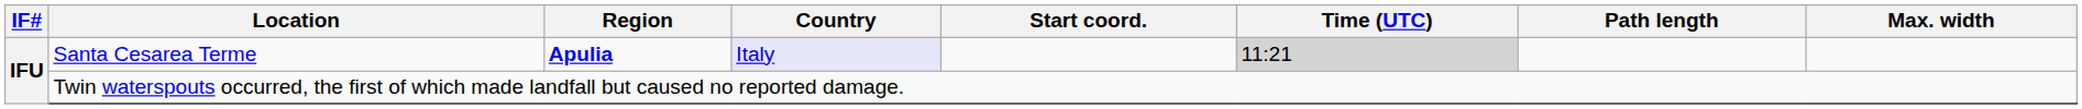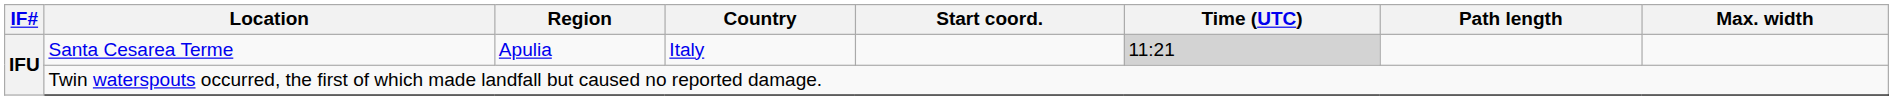 <table class="wikitable sortable" style="width:100%;">
 <tr>
 <th scope="col" width="2%" align="center"><a href='#'>IF#</a></th>
 <th scope="col" align="center" class="unsortable">Location</th>
 <th scope="col" align="center" class="unsortable">Region</th>
 <th scope="col" align="center">Country</th>
 <th scope="col" align="center">Start coord.</th>
 <th scope="col" align="center">Time (<a href='#'>UTC</a>)</th>
 <th scope="col" align="center">Path length</th>
 <th scope="col" align="center">Max. width</th>
 </tr>
 <tr>
 <th scope="row" rowspan="2" style="background-color:#">IFU</th>
 <td><a href='#'>Santa Cesarea Terme</a></td>
-<td><strong><a href='#'>Apulia</a></strong></td>
-<td style="background: lavender;"><a href='#'>Italy</a></td>
+<td><a href='#'>Apulia</a></td>
+<td><a href='#'>Italy</a></td>
 <td></td>
 <td style="background: lightgrey;">11:21</td>
 <td></td>
 <td></td>
 </tr>
 <tr class="expand-child">
 <td colspan="8" style=" border-bottom: 1px solid black;">Twin <a href='#'>waterspouts</a> occurred, the first of which made landfall but caused no reported damage.</td>
 </tr>
 </table>
